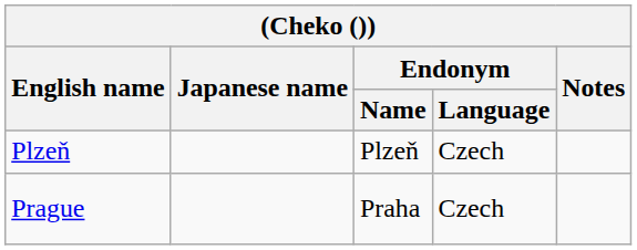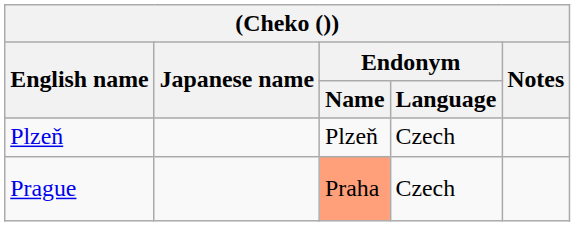 <table class="wikitable sortable">
 <tr>
 <th colspan="5"> (Cheko ())</th>
 </tr>
 <tr>
 <th rowspan="2">English name</th>
 <th rowspan="2">Japanese name</th>
 <th colspan="2">Endonym</th>
 <th rowspan="2">Notes</th>
 </tr>
 <tr>
 <th>Name</th>
 <th>Language</th>
 </tr>
 <tr>
 <td><a href='#'>Plzeň</a></td>
 <td></td>
 <td>Plzeň</td>
 <td>Czech</td>
 <td></td>
 </tr>
 <tr>
 <td><a href='#'>Prague</a></td>
 <td><br><br></td>
-<td>Praha</td>
+<td style="background: lightsalmon;">Praha</td>
 <td>Czech</td>
 <td></td>
 </tr>
 </table>
